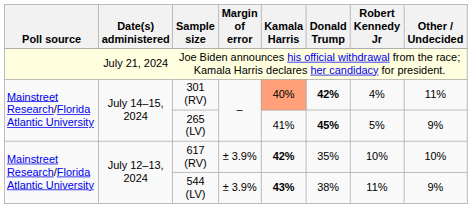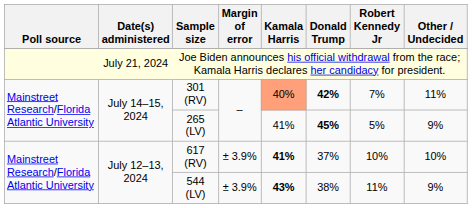 <table class="wikitable sortable mw-datatable" style="font-size:90%;text-align:center;line-height:17px">
 <tr valign=bottom>
 <th>Poll source</th>
 <th>Date(s)<br>administered</th>
 <th>Sample<br>size</th>
 <th>Margin<br>of error</th>
 <th class="unsortable">Kamala<br>Harris<br></th>
 <th class="unsortable">Donald<br>Trump<br></th>
 <th class="unsortable">Robert<br>Kennedy Jr<br></th>
 <th class="unsortable">Other /<br>Undecided</th>
 </tr>
 <tr>
 </tr>
 <tr style="background:lightyellow;">
 <td style="border-right-style:hidden; background:lightyellow;"></td>
 <td style="border-right-style:hidden; " data-sort-value="2024-07-21">July 21, 2024</td>
 <td colspan="6">Joe Biden announces <a href='#'>his official withdrawal</a> from the race; Kamala Harris declares <a href='#'>her candidacy</a> for president.</td>
 </tr>
 <tr>
 <td style="text-align:left;" rowspan="2"><a href='#'>Mainstreet Research</a>/<a href='#'>Florida Atlantic University</a></td>
 <td rowspan="2">July 14–15, 2024</td>
 <td>301 (RV)</td>
 <td rowspan="2">–</td>
 <td style="background: lightsalmon;">40%</td>
 <td style="background-color:"><strong>42%</strong></td>
-<td>4%</td>
+<td>7%</td>
 <td>11%</td>
 </tr>
 <tr>
 <td>265 (LV)</td>
 <td>41%</td>
 <td style="background-color:"><strong>45%</strong></td>
 <td>5%</td>
 <td>9%</td>
 </tr>
 <tr>
 <td style="text-align:left;" rowspan="2"><a href='#'>Mainstreet Research</a>/<a href='#'>Florida Atlantic University</a></td>
 <td rowspan="2">July 12–13, 2024</td>
 <td>617 (RV)</td>
 <td>± 3.9%</td>
-<td style="color:black;background-color:"><strong>42%</strong></td>
-<td>35%</td>
+<td style="color:black;background-color:"><strong>41%</strong></td>
+<td>37%</td>
 <td>10%</td>
 <td>10%</td>
 </tr>
 <tr>
 <td>544 (LV)</td>
 <td>± 3.9%</td>
 <td style="color:black;background-color:"><strong>43%</strong></td>
 <td>38%</td>
 <td>11%</td>
 <td>9%</td>
 </tr>
 </table>
